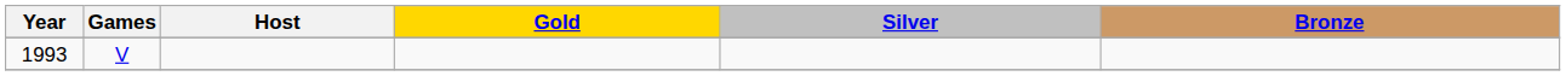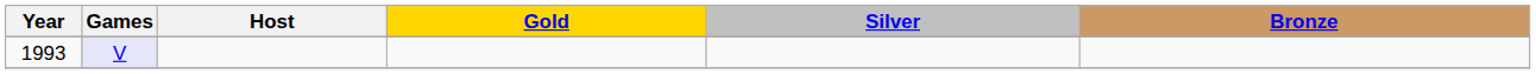 <table class="wikitable" style="text-align: center; font-size:95%;">
 <tr>
 <th rowspan="2" style="width:5%;">Year</th>
 <th rowspan="2" style="width:5%;">Games</th>
 <th rowspan="2" style="width:15%;">Host</th>
 </tr>
 <tr>
 <th style="background-color: gold"><a href='#'>Gold</a></th>
 <th style="background-color: silver"><a href='#'>Silver</a></th>
 <th style="background-color: #CC9966"><a href='#'>Bronze</a></th>
 </tr>
 <tr>
 </tr>
 <tr>
 <td>1993</td>
-<td align=center><a href='#'>V</a></td>
+<td align=center style="background: lavender;"><a href='#'>V</a></td>
 <td align= "left"></td>
 <td align= "left"></td>
 <td align= "left"></td>
 <td align= "left"></td>
 </tr>
 <tr>
 </tr>
 </table>
